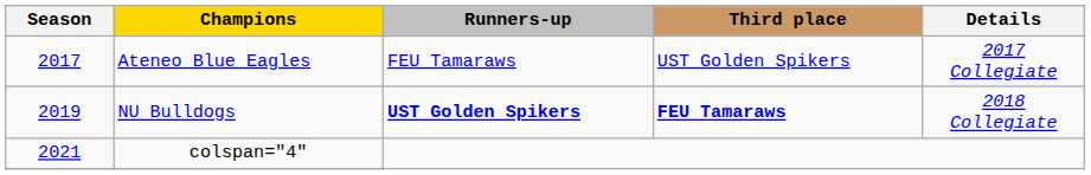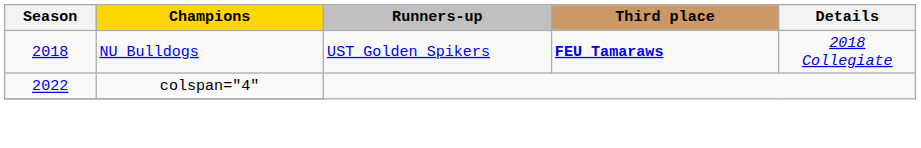 <table class=wikitable style="border-collapse: collapse; font-size:90%; text-align: center" width=80%>
 <tr>
 <th width=10%>Season</th>
 <th width=25% style="background:gold">Champions</th>
 <th width=25% style="background:silver">Runners-up</th>
 <th width=25% style="background:#cc9966">Third place</th>
 <th width=15%>Details</th>
 </tr>
 <tr>
-<td><a href='#'>2017</a></td>
-<td style="text-align:left"><a href='#'>Ateneo Blue Eagles</a></td>
-<td style="text-align:left"><a href='#'>FEU Tamaraws</a></td>
+<td><a href='#'>2018</a></td>
+<td style="text-align:left"><a href='#'>NU Bulldogs</a></td>
 <td style="text-align:left"><a href='#'>UST Golden Spikers</a></td>
-<td><a href='#'><em>2017 Collegiate</em></a></td>
-</tr>
-<tr>
-<td><a href='#'>2019</a></td>
-<td style="text-align:left"><a href='#'>NU Bulldogs</a></td>
-<td style="text-align:left"><strong><a href='#'>UST Golden Spikers</a></strong></td>
 <td style="text-align:left"><strong><a href='#'>FEU Tamaraws</a></strong></td>
 <td><a href='#'><em>2018 Collegiate</em></a></td>
 </tr>
 <tr>
-<td><a href='#'>2021</a></td>
+<td><a href='#'>2022</a></td>
 <td>colspan="4" </td>
 </tr>
 <tr>
 </tr>
 </table>
